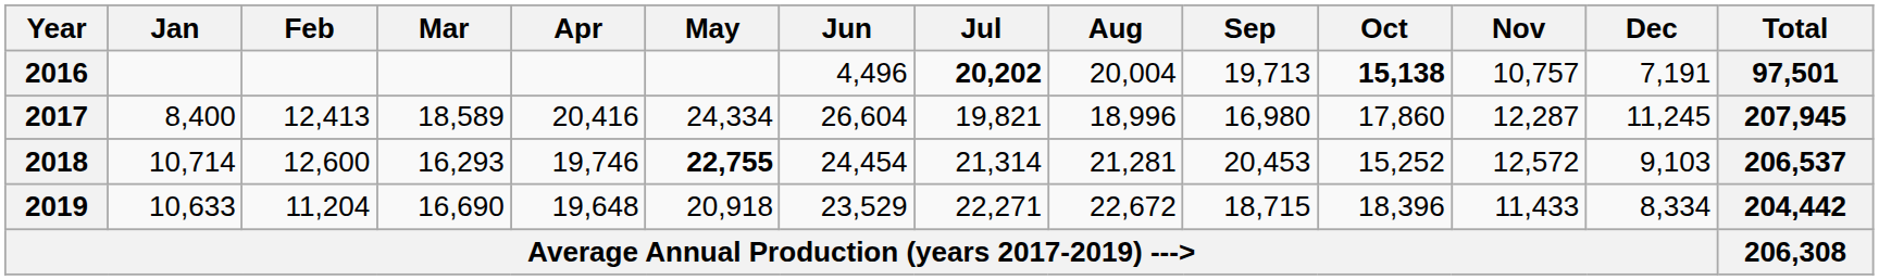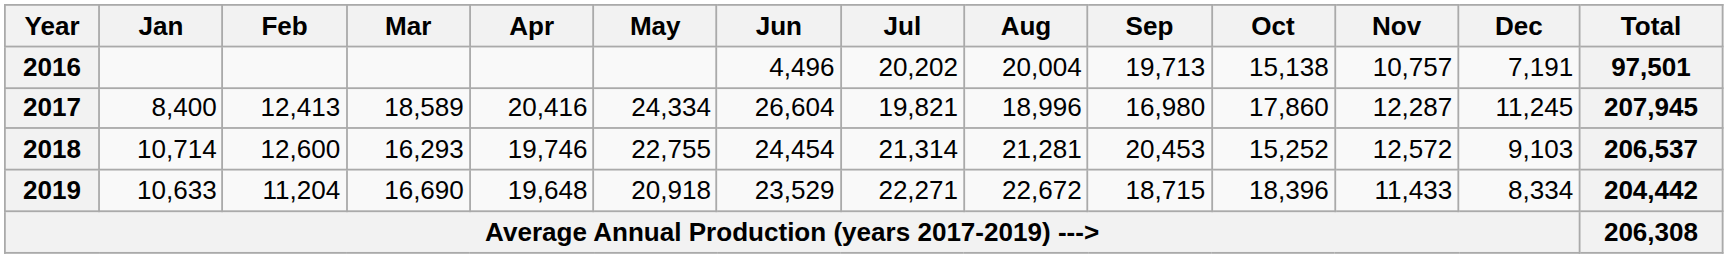 <table class=wikitable style="text-align:right; font-size:0.9em; width:950px;">
 <tr>
 <th>Year</th>
 <th>Jan</th>
 <th>Feb</th>
 <th>Mar</th>
 <th>Apr</th>
 <th>May</th>
 <th>Jun</th>
 <th>Jul</th>
 <th>Aug</th>
 <th>Sep</th>
 <th>Oct</th>
 <th>Nov</th>
 <th>Dec</th>
 <th>Total</th>
 </tr>
 <tr>
 <th>2016</th>
 <td></td>
 <td></td>
 <td></td>
 <td></td>
 <td></td>
 <td>4,496</td>
-<td><strong>20,202</strong></td>
+<td>20,202</td>
 <td>20,004</td>
 <td>19,713</td>
-<td><strong>15,138</strong></td>
+<td>15,138</td>
 <td>10,757</td>
 <td>7,191</td>
 <th>97,501</th>
 </tr>
 <tr>
 <th>2017</th>
 <td>8,400</td>
 <td>12,413</td>
 <td>18,589</td>
 <td>20,416</td>
 <td>24,334</td>
 <td>26,604</td>
 <td>19,821</td>
 <td>18,996</td>
 <td>16,980</td>
 <td>17,860</td>
 <td>12,287</td>
 <td>11,245</td>
 <th>207,945</th>
 </tr>
 <tr>
 <th>2018</th>
 <td>10,714</td>
 <td>12,600</td>
 <td>16,293</td>
 <td>19,746</td>
-<td><strong>22,755</strong></td>
+<td>22,755</td>
 <td>24,454</td>
 <td>21,314</td>
 <td>21,281</td>
 <td>20,453</td>
 <td>15,252</td>
 <td>12,572</td>
 <td>9,103</td>
 <th>206,537</th>
 </tr>
 <tr>
 <th>2019</th>
 <td>10,633</td>
 <td>11,204</td>
 <td>16,690</td>
 <td>19,648</td>
 <td>20,918</td>
 <td>23,529</td>
 <td>22,271</td>
 <td>22,672</td>
 <td>18,715</td>
 <td>18,396</td>
 <td>11,433</td>
 <td>8,334</td>
 <th>204,442</th>
 </tr>
 <tr>
 <th colspan=13>Average Annual Production (years 2017-2019) ---></th>
 <th>206,308</th>
 </tr>
 </table>
